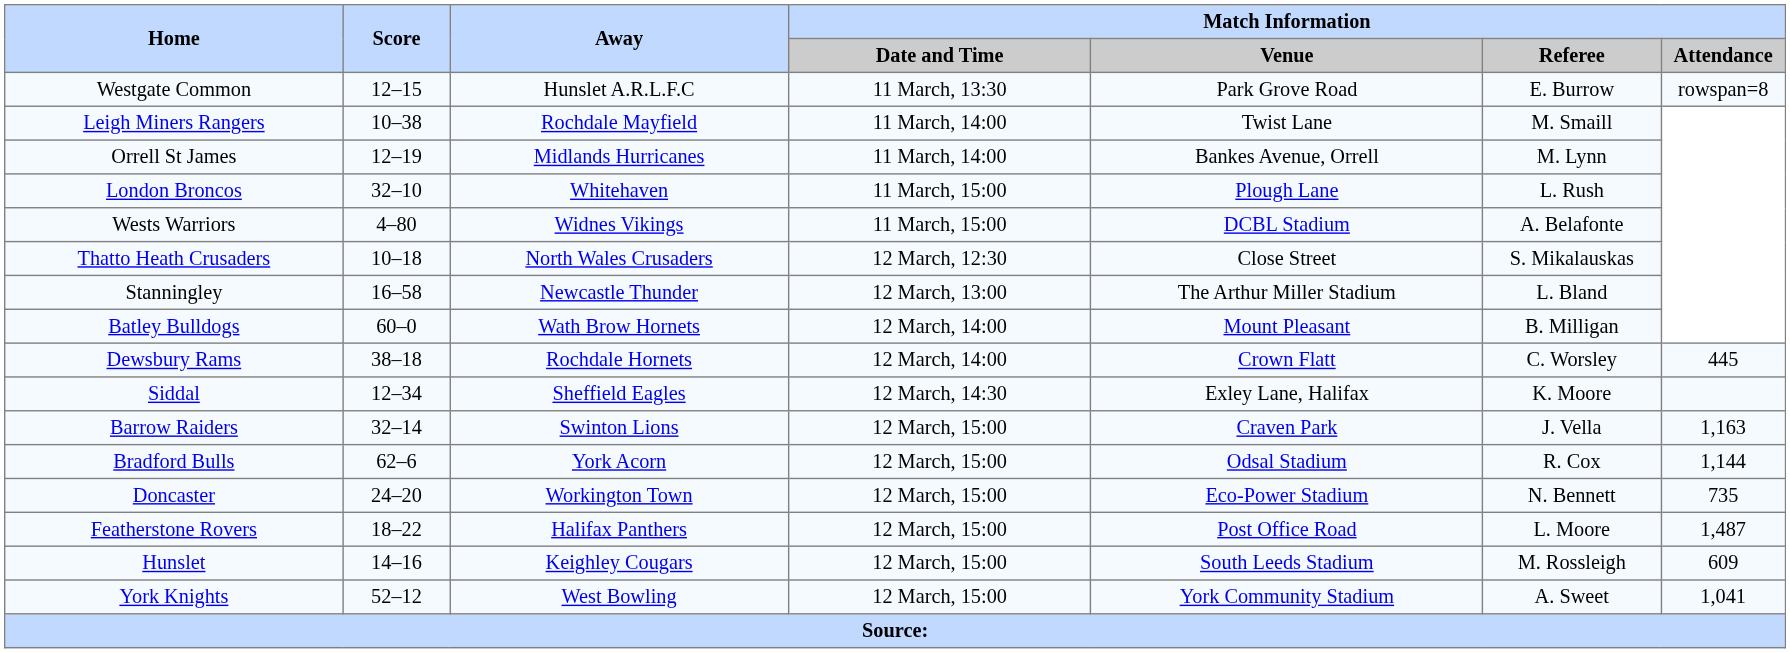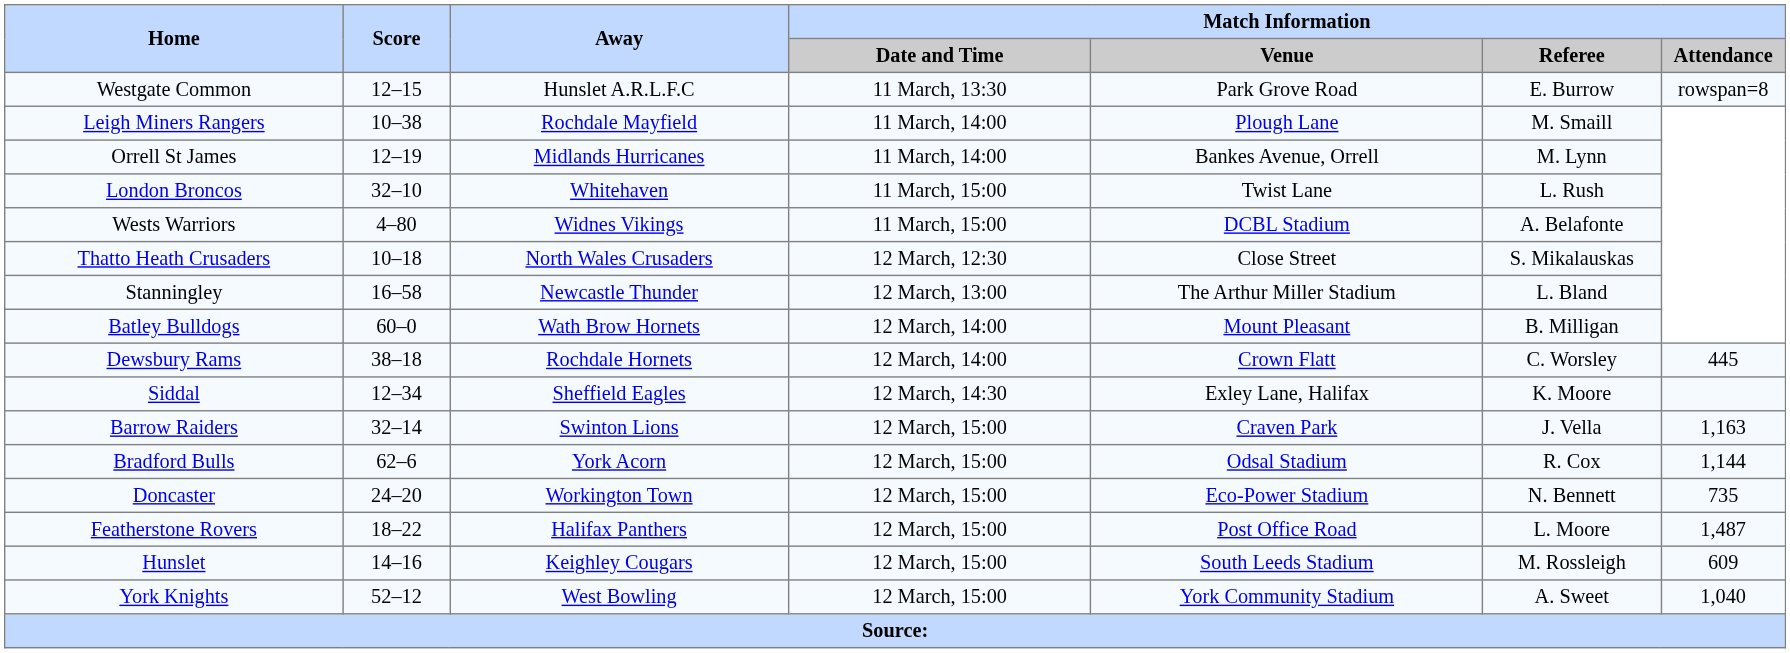 <table border=1 style="border-collapse:collapse; font-size:90%; text-align:center"; cellpadding=3 cellspacing=0 width=100%>
 <tr bgcolor="#c1d8ff">
 <th rowspan=2 width=19%>Home</th>
 <th rowspan=2 width=6%>Score</th>
 <th rowspan=2 width=19%>Away</th>
 <th colspan=4>Match Information</th>
 </tr>
 <tr bgcolor="#cccccc">
 <th width=17%>Date and Time</th>
 <th width=22%>Venue</th>
 <th width=10%>Referee</th>
 <th width=7%>Attendance</th>
 </tr>
 <tr bgcolor=#f5faff>
 <td>Westgate Common</td>
 <td>12–15</td>
 <td>Hunslet A.R.L.F.C</td>
 <td>11 March, 13:30</td>
 <td>Park Grove Road</td>
 <td>E. Burrow</td>
 <td>rowspan=8 </td>
 </tr>
 <tr bgcolor=#f5faff>
 <td><a href='#'>Leigh Miners Rangers</a></td>
 <td>10–38</td>
 <td><a href='#'>Rochdale Mayfield</a></td>
 <td>11 March, 14:00</td>
-<td>Twist Lane</td>
+<td><a href='#'>Plough Lane</a></td>
 <td>M. Smaill</td>
 </tr>
 <tr bgcolor=#f5faff>
 <td>Orrell St James</td>
 <td>12–19</td>
 <td> <a href='#'>Midlands Hurricanes</a></td>
 <td>11 March, 14:00</td>
 <td>Bankes Avenue, Orrell</td>
 <td>M. Lynn</td>
 </tr>
 <tr bgcolor=#f5faff>
 <td> <a href='#'>London Broncos</a></td>
 <td>32–10</td>
 <td> <a href='#'>Whitehaven</a></td>
 <td>11 March, 15:00</td>
-<td><a href='#'>Plough Lane</a></td>
+<td>Twist Lane</td>
 <td>L. Rush</td>
 </tr>
 <tr bgcolor=#f5faff>
 <td>Wests Warriors</td>
 <td>4–80</td>
 <td> <a href='#'>Widnes Vikings</a></td>
 <td>11 March, 15:00</td>
 <td><a href='#'>DCBL Stadium</a></td>
 <td>A. Belafonte</td>
 </tr>
 <tr bgcolor=#f5faff>
 <td><a href='#'>Thatto Heath Crusaders</a></td>
 <td>10–18</td>
 <td> <a href='#'>North Wales Crusaders</a></td>
 <td>12 March, 12:30</td>
 <td>Close Street</td>
 <td>S. Mikalauskas</td>
 </tr>
 <tr bgcolor=#f5faff>
 <td>Stanningley</td>
 <td>16–58</td>
 <td> <a href='#'>Newcastle Thunder</a></td>
 <td>12 March, 13:00</td>
 <td>The Arthur Miller Stadium</td>
 <td>L. Bland</td>
 </tr>
 <tr bgcolor=#f5faff>
 <td> <a href='#'>Batley Bulldogs</a></td>
 <td>60–0</td>
 <td><a href='#'>Wath Brow Hornets</a></td>
 <td>12 March, 14:00</td>
 <td><a href='#'>Mount Pleasant</a></td>
 <td>B. Milligan</td>
 </tr>
 <tr bgcolor=#f5faff>
 <td> <a href='#'>Dewsbury Rams</a></td>
 <td>38–18</td>
 <td> <a href='#'>Rochdale Hornets</a></td>
 <td>12 March, 14:00</td>
 <td><a href='#'>Crown Flatt</a></td>
 <td>C. Worsley</td>
 <td>445</td>
 </tr>
 <tr bgcolor=#f5faff>
 <td><a href='#'>Siddal</a></td>
 <td>12–34</td>
 <td> <a href='#'>Sheffield Eagles</a></td>
 <td>12 March, 14:30</td>
 <td>Exley Lane, Halifax</td>
 <td>K. Moore</td>
 <td></td>
 </tr>
 <tr bgcolor=#f5faff>
 <td> <a href='#'>Barrow Raiders</a></td>
 <td>32–14</td>
 <td> <a href='#'>Swinton Lions</a></td>
 <td>12 March, 15:00</td>
 <td><a href='#'>Craven Park</a></td>
 <td>J. Vella</td>
 <td>1,163</td>
 </tr>
 <tr bgcolor=#f5faff>
 <td> <a href='#'>Bradford Bulls</a></td>
 <td>62–6</td>
 <td><a href='#'>York Acorn</a></td>
 <td>12 March, 15:00</td>
 <td><a href='#'>Odsal Stadium</a></td>
 <td>R. Cox</td>
 <td>1,144</td>
 </tr>
 <tr bgcolor=#f5faff>
 <td> <a href='#'>Doncaster</a></td>
 <td>24–20</td>
 <td> <a href='#'>Workington Town</a></td>
 <td>12 March, 15:00</td>
 <td><a href='#'>Eco-Power Stadium</a></td>
 <td>N. Bennett</td>
 <td>735</td>
 </tr>
 <tr bgcolor=#f5faff>
 <td> <a href='#'>Featherstone Rovers</a></td>
 <td>18–22</td>
 <td> <a href='#'>Halifax Panthers</a></td>
 <td>12 March, 15:00</td>
 <td><a href='#'>Post Office Road</a></td>
 <td>L. Moore</td>
 <td>1,487</td>
 </tr>
 <tr bgcolor=#f5faff>
 <td> <a href='#'>Hunslet</a></td>
 <td>14–16</td>
 <td> <a href='#'>Keighley Cougars</a></td>
 <td>12 March, 15:00</td>
 <td><a href='#'>South Leeds Stadium</a></td>
 <td>M. Rossleigh</td>
 <td>609</td>
 </tr>
 <tr bgcolor=#f5faff>
 <td> <a href='#'>York Knights</a></td>
 <td>52–12</td>
 <td><a href='#'>West Bowling</a></td>
 <td>12 March, 15:00</td>
 <td><a href='#'>York Community Stadium</a></td>
 <td>A. Sweet</td>
-<td>1,041</td>
+<td>1,040</td>
 </tr>
 <tr bgcolor=#c1d8ff>
 <th colspan=7>Source:</th>
 </tr>
 </table>
